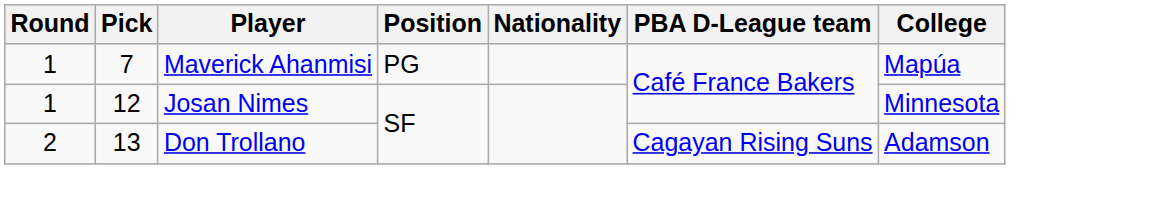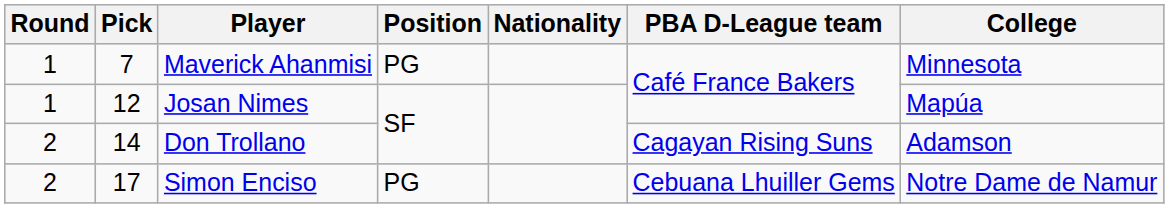 <table class="wikitable sortable sortable">
 <tr>
 <th>Round</th>
 <th>Pick</th>
 <th>Player</th>
 <th>Position</th>
 <th>Nationality</th>
 <th>PBA D-League team</th>
 <th>College</th>
 </tr>
 <tr>
 <td align=center>1</td>
 <td align=center>7</td>
 <td><a href='#'>Maverick Ahanmisi</a></td>
 <td>PG</td>
 <td></td>
 <td rowspan=2><a href='#'>Café France Bakers</a></td>
-<td><a href='#'>Mapúa</a></td>
+<td><a href='#'>Minnesota</a></td>
 </tr>
 <tr>
 <td align=center>1</td>
 <td align=center>12</td>
 <td><a href='#'>Josan Nimes</a></td>
 <td rowspan=2>SF</td>
 <td rowspan=2></td>
-<td><a href='#'>Minnesota</a></td>
+<td><a href='#'>Mapúa</a></td>
 </tr>
 <tr>
 <td align=center>2</td>
-<td align=center>13</td>
+<td align=center>14</td>
 <td><a href='#'>Don Trollano</a></td>
 <td><a href='#'>Cagayan Rising Suns</a></td>
 <td><a href='#'>Adamson</a></td>
 </tr>
+<tr>
+<td align=center>2</td>
+<td align=center>17</td>
+<td><a href='#'>Simon Enciso</a></td>
+<td>PG</td>
+<td></td>
+<td><a href='#'>Cebuana Lhuiller Gems</a></td>
+<td><a href='#'>Notre Dame de Namur</a></td>
+</tr>
 </table>
